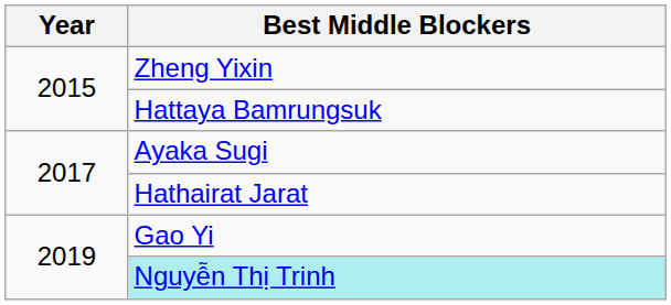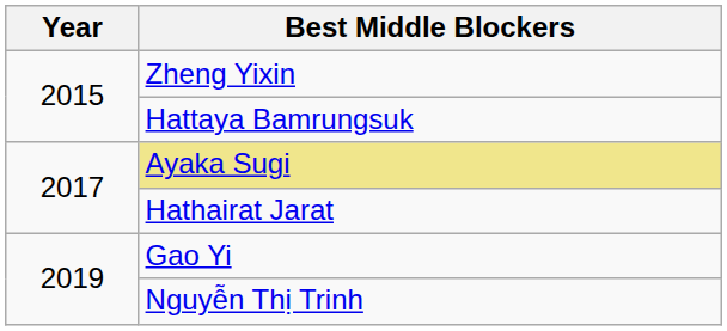 <table class="wikitable" style="width: 400px;">
 <tr>
 <th width="40">Year</th>
 <th width="200">Best Middle Blockers</th>
 </tr>
 <tr>
 <td align=center rowspan=2>2015</td>
 <td> <a href='#'>Zheng Yixin</a></td>
 </tr>
 <tr>
 <td> <a href='#'>Hattaya Bamrungsuk</a></td>
 </tr>
 <tr>
 <td align=center rowspan=2>2017</td>
-<td> <a href='#'>Ayaka Sugi</a></td>
+<td style="background: khaki;"> <a href='#'>Ayaka Sugi</a></td>
 </tr>
 <tr>
 <td> <a href='#'>Hathairat Jarat</a></td>
 </tr>
 <tr>
 <td align=center rowspan=2>2019</td>
 <td> <a href='#'>Gao Yi</a></td>
 </tr>
 <tr>
-<td style="background: paleturquoise;"> <a href='#'>Nguyễn Thị Trinh</a></td>
+<td> <a href='#'>Nguyễn Thị Trinh</a></td>
 </tr>
 </table>
